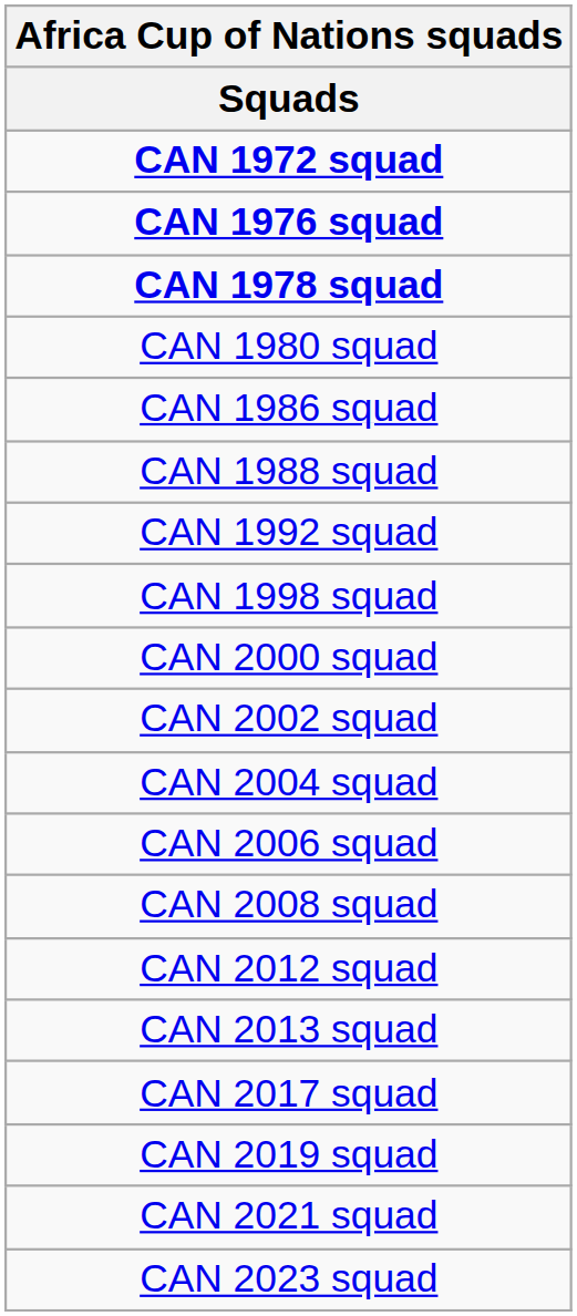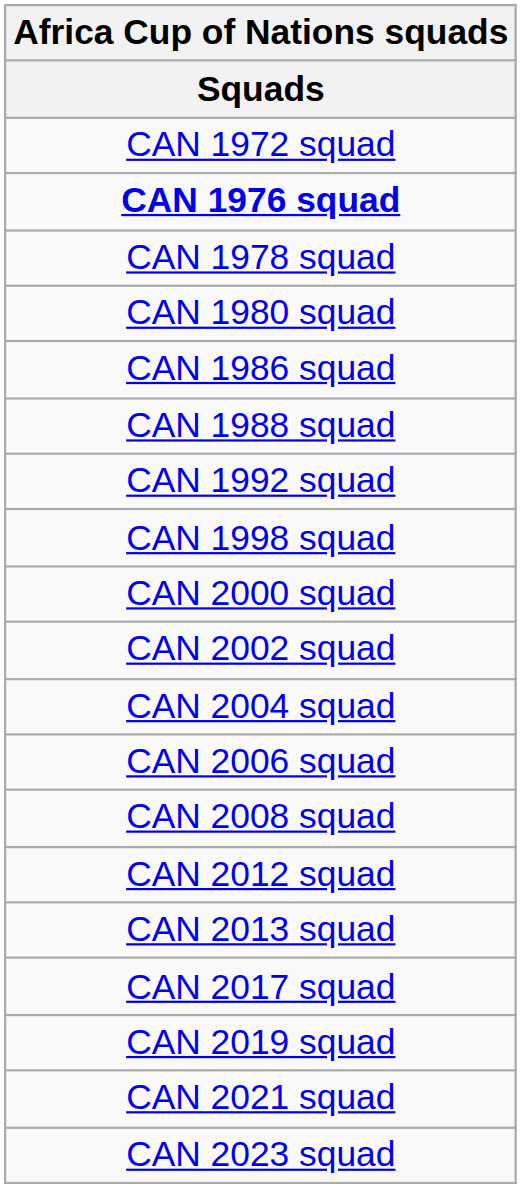 <table class="wikitable sortable collapsible collapsed" style="text-align:center">
 <tr>
 <th colspan="1"  style="text-align:center;">Africa Cup of Nations squads</th>
 </tr>
 <tr>
 <th>Squads</th>
 </tr>
 <tr>
-<td><strong><a href='#'>CAN 1972 squad</a></strong></td>
+<td><a href='#'>CAN 1972 squad</a></td>
 </tr>
 <tr>
 <td><strong><a href='#'>CAN 1976 squad</a></strong></td>
 </tr>
 <tr>
-<td><strong><a href='#'>CAN 1978 squad</a></strong></td>
+<td><a href='#'>CAN 1978 squad</a></td>
 </tr>
 <tr>
 <td><a href='#'>CAN 1980 squad</a></td>
 </tr>
 <tr>
 <td><a href='#'>CAN 1986 squad</a></td>
 </tr>
 <tr>
 <td><a href='#'>CAN 1988 squad</a></td>
 </tr>
 <tr>
 <td><a href='#'>CAN 1992 squad</a></td>
 </tr>
 <tr>
 <td><a href='#'>CAN 1998 squad</a></td>
 </tr>
 <tr>
 <td><a href='#'>CAN 2000 squad</a></td>
 </tr>
 <tr>
 <td><a href='#'>CAN 2002 squad</a></td>
 </tr>
 <tr>
 <td><a href='#'>CAN 2004 squad</a></td>
 </tr>
 <tr>
 <td><a href='#'>CAN 2006 squad</a></td>
 </tr>
 <tr>
 <td><a href='#'>CAN 2008 squad</a></td>
 </tr>
 <tr>
 <td><a href='#'>CAN 2012 squad</a></td>
 </tr>
 <tr>
 <td><a href='#'>CAN 2013 squad</a></td>
 </tr>
 <tr>
 <td><a href='#'>CAN 2017 squad</a></td>
 </tr>
 <tr>
 <td><a href='#'>CAN 2019 squad</a></td>
 </tr>
 <tr>
 <td><a href='#'>CAN 2021 squad</a></td>
 </tr>
 <tr>
 <td><a href='#'>CAN 2023 squad</a></td>
 </tr>
 </table>
